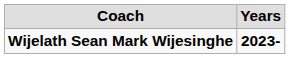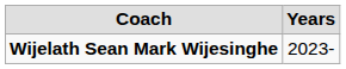 <table class=wikitable>
 <tr align=center bgcolor=#dfdfdf>
 <td><strong>Coach</strong></td>
 <td><strong>Years</strong></td>
 </tr>
 <tr align=center>
 <td align=left> <strong>Wijelath Sean Mark Wijesinghe</strong></td>
-<td><strong>2023-</strong></td>
+<td>2023-</td>
 </tr>
 </table>
